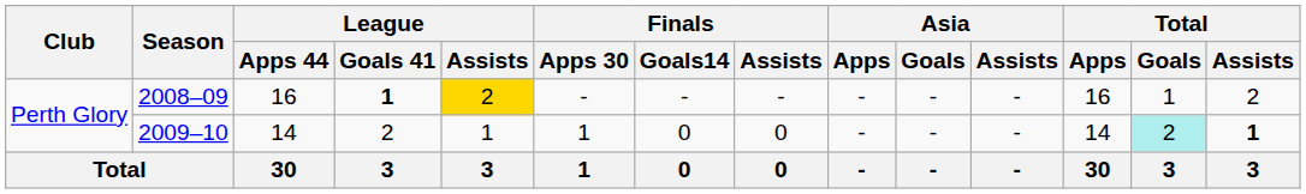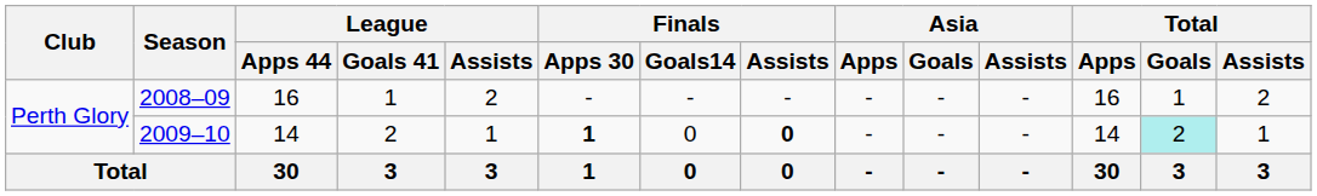 <table class="wikitable" style="text-align: center;">
 <tr>
 <th rowspan=2>Club</th>
 <th rowspan=2>Season</th>
 <th colspan=3>League</th>
 <th colspan=3>Finals</th>
 <th colspan=3>Asia</th>
 <th colspan=3>Total</th>
 </tr>
 <tr>
 <th>Apps 44</th>
 <th>Goals 41</th>
 <th>Assists</th>
 <th>Apps 30</th>
 <th>Goals14</th>
 <th>Assists</th>
 <th>Apps</th>
 <th>Goals</th>
 <th>Assists</th>
 <th>Apps</th>
 <th>Goals</th>
 <th>Assists</th>
 </tr>
 <tr>
 <td rowspan=2 valign="center"><a href='#'>Perth Glory</a></td>
 <td><a href='#'>2008–09</a></td>
 <td>16</td>
-<td><strong>1</strong></td>
-<td style="background: gold;">2</td>
+<td>1</td>
+<td>2</td>
 <td>-</td>
 <td>-</td>
 <td>-</td>
 <td>-</td>
 <td>-</td>
 <td>-</td>
 <td>16</td>
 <td>1</td>
 <td>2</td>
 </tr>
 <tr>
 <td><a href='#'>2009–10</a></td>
 <td>14</td>
 <td>2</td>
 <td>1</td>
-<td>1</td>
+<td><strong>1</strong></td>
 <td>0</td>
-<td>0</td>
+<td><strong>0</strong></td>
 <td>-</td>
 <td>-</td>
 <td>-</td>
 <td>14</td>
 <td style="background: paleturquoise;">2</td>
-<td><strong>1</strong></td>
+<td>1</td>
 </tr>
 <tr>
 <th colspan=2>Total</th>
 <th>30</th>
 <th>3</th>
 <th>3</th>
 <th>1</th>
 <th>0</th>
 <th>0</th>
 <th>-</th>
 <th>-</th>
 <th>-</th>
 <th>30</th>
 <th>3</th>
 <th>3</th>
 </tr>
 </table>
